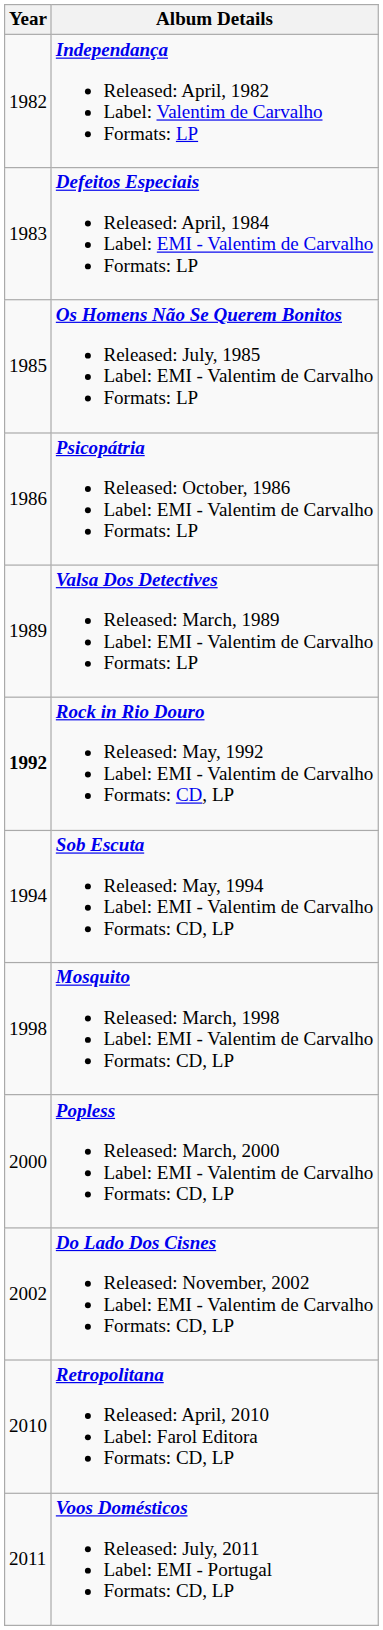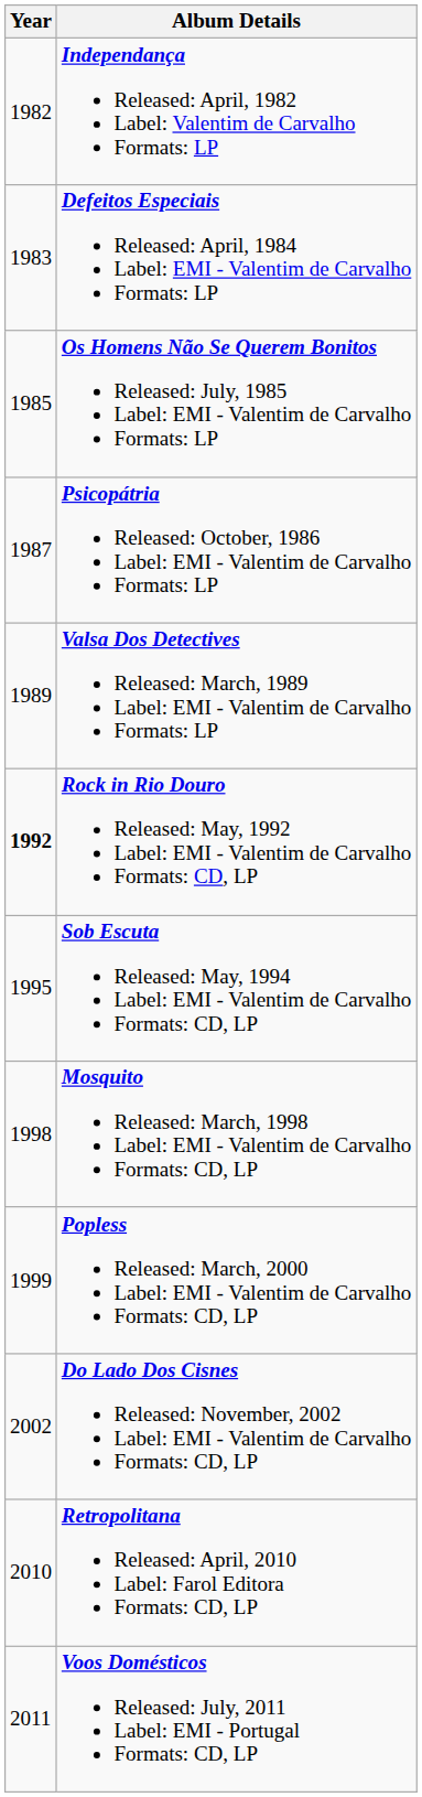 <table class="wikitable">
 <tr>
 <th>Year</th>
 <th>Album Details</th>
 </tr>
 <tr>
 <td>1982</td>
 <td><strong><em><a href='#'>Independança</a></em></strong><br><ul><li>Released: April, 1982</li><li>Label: <a href='#'>Valentim de Carvalho</a></li><li>Formats: <a href='#'>LP</a></li></ul></td>
 </tr>
 <tr>
 <td>1983</td>
 <td><strong><em><a href='#'>Defeitos Especiais</a></em></strong><br><ul><li>Released: April, 1984</li><li>Label: <a href='#'>EMI - Valentim de Carvalho</a></li><li>Formats: LP</li></ul></td>
 </tr>
 <tr>
 <td>1985</td>
 <td><strong><em><a href='#'>Os Homens Não Se Querem Bonitos</a></em></strong><br><ul><li>Released: July, 1985</li><li>Label: EMI - Valentim de Carvalho</li><li>Formats: LP</li></ul></td>
 </tr>
 <tr>
-<td>1986</td>
+<td>1987</td>
 <td><strong><em><a href='#'>Psicopátria</a></em></strong><br><ul><li>Released: October, 1986</li><li>Label: EMI - Valentim de Carvalho</li><li>Formats: LP</li></ul></td>
 </tr>
 <tr>
 <td>1989</td>
 <td><strong><em><a href='#'>Valsa Dos Detectives</a></em></strong><br><ul><li>Released: March, 1989</li><li>Label: EMI - Valentim de Carvalho</li><li>Formats: LP</li></ul></td>
 </tr>
 <tr>
 <td><strong>1992</strong></td>
 <td><strong><em><a href='#'>Rock in Rio Douro</a></em></strong><br><ul><li>Released: May, 1992</li><li>Label: EMI - Valentim de Carvalho</li><li>Formats: <a href='#'>CD</a>, LP</li></ul></td>
 </tr>
 <tr>
-<td>1994</td>
+<td>1995</td>
 <td><strong><em><a href='#'>Sob Escuta</a></em></strong><br><ul><li>Released: May, 1994</li><li>Label: EMI - Valentim de Carvalho</li><li>Formats: CD, LP</li></ul></td>
 </tr>
 <tr>
 <td>1998</td>
 <td><strong><em><a href='#'>Mosquito</a></em></strong><br><ul><li>Released: March, 1998</li><li>Label: EMI - Valentim de Carvalho</li><li>Formats: CD, LP</li></ul></td>
 </tr>
 <tr>
-<td>2000</td>
+<td>1999</td>
 <td><strong><em><a href='#'>Popless</a></em></strong><br><ul><li>Released: March, 2000</li><li>Label: EMI - Valentim de Carvalho</li><li>Formats: CD, LP</li></ul></td>
 </tr>
 <tr>
 <td>2002</td>
 <td><strong><em><a href='#'>Do Lado Dos Cisnes</a></em></strong><br><ul><li>Released: November, 2002</li><li>Label: EMI - Valentim de Carvalho</li><li>Formats: CD, LP</li></ul></td>
 </tr>
 <tr>
 <td>2010</td>
 <td><strong><em><a href='#'>Retropolitana</a></em></strong><br><ul><li>Released: April, 2010</li><li>Label: Farol Editora</li><li>Formats: CD, LP</li></ul></td>
 </tr>
 <tr>
 <td>2011</td>
 <td><strong><em><a href='#'>Voos Domésticos</a></em></strong><br><ul><li>Released: July, 2011</li><li>Label: EMI - Portugal</li><li>Formats: CD, LP</li></ul></td>
 </tr>
 </table>
